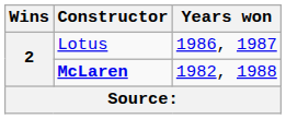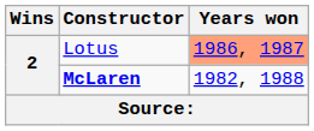 <table class="wikitable" style="font-size: 95%">
 <tr>
 <th>Wins</th>
 <th>Constructor</th>
 <th>Years won</th>
 </tr>
 <tr>
 <th rowspan="2">2</th>
 <td> <a href='#'>Lotus</a></td>
-<td><a href='#'>1986</a>, <a href='#'>1987</a></td>
+<td style="background: lightsalmon;"><a href='#'>1986</a>, <a href='#'>1987</a></td>
 </tr>
 <tr>
 <td><strong> <a href='#'>McLaren</a></strong></td>
 <td><a href='#'>1982</a>, <a href='#'>1988</a></td>
 </tr>
 <tr>
 <th colspan="3">Source:</th>
 </tr>
 </table>
